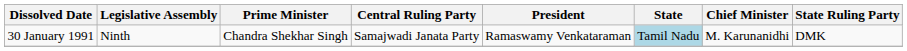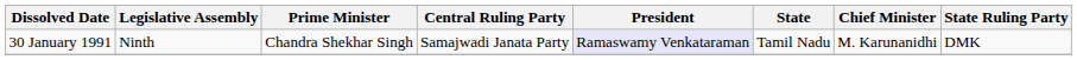 <table class="wikitable sortable">
 <tr>
 <th>Dissolved Date</th>
 <th>Legislative Assembly</th>
 <th>Prime Minister</th>
 <th>Central Ruling Party</th>
 <th>President</th>
 <th>State</th>
 <th>Chief Minister</th>
 <th>State Ruling Party</th>
 </tr>
 <tr>
 <td>30 January 1991</td>
 <td>Ninth</td>
 <td>Chandra Shekhar Singh</td>
 <td>Samajwadi Janata Party</td>
-<td>Ramaswamy Venkataraman</td>
-<td style="background: lightblue;">Tamil Nadu</td>
+<td style="background: lavender;">Ramaswamy Venkataraman</td>
+<td>Tamil Nadu</td>
 <td>M. Karunanidhi</td>
 <td>DMK</td>
 </tr>
 <tr>
 </tr>
 </table>
